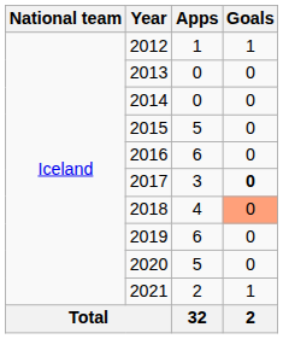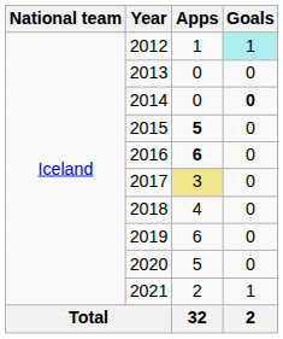 <table class="wikitable" style="text-align:center">
 <tr>
 <th>National team</th>
 <th>Year</th>
 <th>Apps</th>
 <th>Goals</th>
 </tr>
 <tr>
 <td rowspan="10"><a href='#'>Iceland</a></td>
 <td>2012</td>
 <td>1</td>
-<td>1</td>
+<td style="background: paleturquoise;">1</td>
 </tr>
 <tr>
 <td>2013</td>
 <td>0</td>
 <td>0</td>
 </tr>
 <tr>
 <td>2014</td>
 <td>0</td>
-<td>0</td>
+<td><strong>0</strong></td>
 </tr>
 <tr>
 <td>2015</td>
-<td>5</td>
+<td><strong>5</strong></td>
 <td>0</td>
 </tr>
 <tr>
 <td>2016</td>
-<td>6</td>
+<td><strong>6</strong></td>
 <td>0</td>
 </tr>
 <tr>
 <td>2017</td>
-<td>3</td>
-<td><strong>0</strong></td>
+<td style="background: khaki;">3</td>
+<td>0</td>
 </tr>
 <tr>
 <td>2018</td>
 <td>4</td>
-<td style="background: lightsalmon;">0</td>
+<td>0</td>
 </tr>
 <tr>
 <td>2019</td>
 <td>6</td>
 <td>0</td>
 </tr>
 <tr>
 <td>2020</td>
 <td>5</td>
 <td>0</td>
 </tr>
 <tr>
 <td>2021</td>
 <td>2</td>
 <td>1</td>
 </tr>
 <tr>
 <th colspan="2">Total</th>
 <th>32</th>
 <th>2</th>
 </tr>
 </table>
